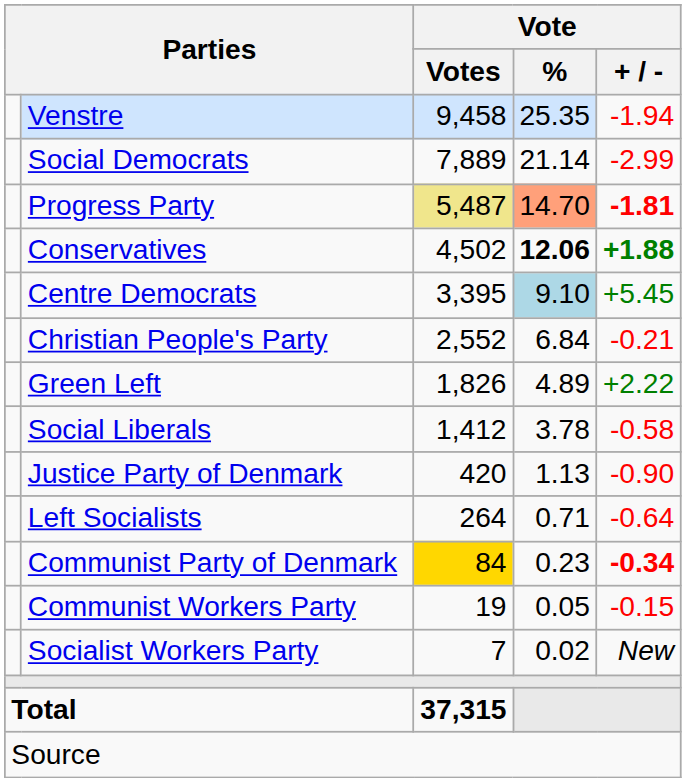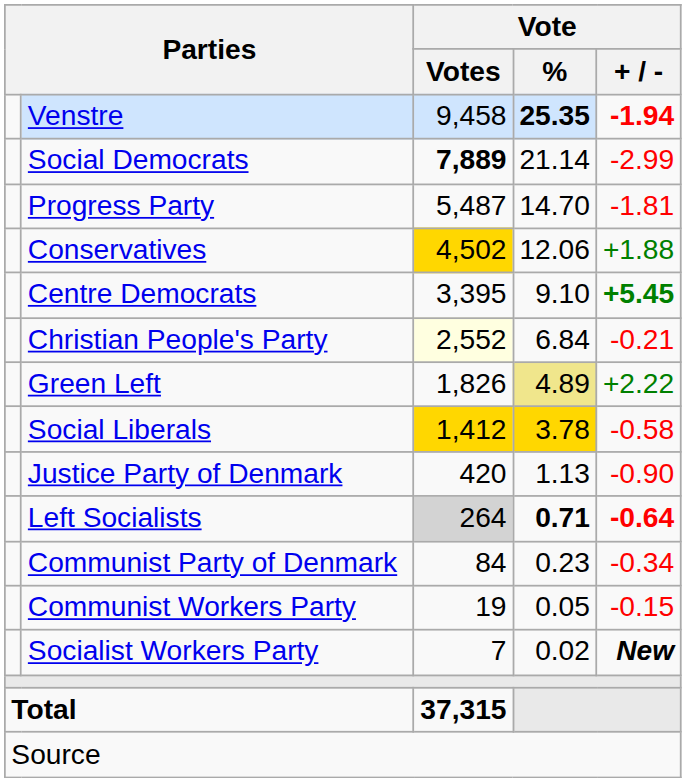 <table class="wikitable" style="text-align:right;">
 <tr>
 <th style="text-align:centre;" rowspan="2" colspan="2" width="225">Parties</th>
 <th colspan="3">Vote</th>
 </tr>
 <tr>
 <th width="15">Votes</th>
 <th width="15">%</th>
 <th width="15">+ / -</th>
 </tr>
 <tr>
 <td width="2" style="color:inherit;background:"></td>
 <td bgcolor=#cfe5fe  align="left"><a href='#'>Venstre</a></td>
 <td bgcolor=#cfe5fe>9,458</td>
-<td bgcolor=#cfe5fe>25.35</td>
-<td style=color:red;>-1.94</td>
+<td bgcolor=#cfe5fe><strong>25.35</strong></td>
+<td style=color:red;><strong>-1.94</strong></td>
 </tr>
 <tr>
 <td width="2" style="color:inherit;background:"></td>
 <td align="left"><a href='#'>Social Democrats</a></td>
-<td>7,889</td>
+<td><strong>7,889</strong></td>
 <td>21.14</td>
 <td style=color:red;>-2.99</td>
 </tr>
 <tr>
 <td width="2" style="color:inherit;background:"></td>
 <td align="left"><a href='#'>Progress Party</a></td>
-<td style="background: khaki;">5,487</td>
-<td style="background: lightsalmon;">14.70</td>
-<td style=color:red;><strong>-1.81</strong></td>
+<td>5,487</td>
+<td>14.70</td>
+<td style=color:red;>-1.81</td>
 </tr>
 <tr>
 <td width="2" style="color:inherit;background:"></td>
 <td align="left"><a href='#'>Conservatives</a></td>
-<td>4,502</td>
-<td><strong>12.06</strong></td>
-<td style=color:green;><strong>+1.88</strong></td>
+<td style="background: gold;">4,502</td>
+<td>12.06</td>
+<td style=color:green;>+1.88</td>
 </tr>
 <tr>
 <td width="2" style="color:inherit;background:"></td>
 <td align="left"><a href='#'>Centre Democrats</a></td>
 <td>3,395</td>
-<td style="background: lightblue;">9.10</td>
-<td style=color:green;>+5.45</td>
+<td>9.10</td>
+<td style=color:green;><strong>+5.45</strong></td>
 </tr>
 <tr>
 <td width="2" style="color:inherit;background:"></td>
 <td align="left"><a href='#'>Christian People's Party</a></td>
-<td>2,552</td>
+<td style="background: lightyellow;">2,552</td>
 <td>6.84</td>
 <td style=color:red;>-0.21</td>
 </tr>
 <tr>
 <td width="2" style="color:inherit;background:"></td>
 <td align="left"><a href='#'>Green Left</a></td>
 <td>1,826</td>
-<td>4.89</td>
+<td style="background: khaki;">4.89</td>
 <td style=color:green;>+2.22</td>
 </tr>
 <tr>
 <td width="2" style="color:inherit;background:"></td>
 <td align="left"><a href='#'>Social Liberals</a></td>
-<td>1,412</td>
-<td>3.78</td>
+<td style="background: gold;">1,412</td>
+<td style="background: gold;">3.78</td>
 <td style=color:red;>-0.58</td>
 </tr>
 <tr>
 <td width="2" style="color:inherit;background:"></td>
 <td align="left"><a href='#'>Justice Party of Denmark</a></td>
 <td>420</td>
 <td>1.13</td>
 <td style=color:red;>-0.90</td>
 </tr>
 <tr>
 <td width="2" style="color:inherit;background:"></td>
 <td align="left"><a href='#'>Left Socialists</a></td>
-<td>264</td>
-<td>0.71</td>
-<td style=color:red;>-0.64</td>
+<td style="background: lightgrey;">264</td>
+<td><strong>0.71</strong></td>
+<td style=color:red;><strong>-0.64</strong></td>
 </tr>
 <tr>
 <td width="2" style="color:inherit;background:"></td>
 <td align="left"><a href='#'>Communist Party of Denmark</a></td>
-<td style="background: gold;">84</td>
+<td>84</td>
 <td>0.23</td>
-<td style=color:red;><strong>-0.34</strong></td>
+<td style=color:red;>-0.34</td>
 </tr>
 <tr>
 <td width="2" style="color:inherit;background:"></td>
 <td align="left"><a href='#'>Communist Workers Party</a></td>
 <td>19</td>
 <td>0.05</td>
 <td style=color:red;>-0.15</td>
 </tr>
 <tr>
 <td width="2" style="color:inherit;background:"></td>
 <td align="left"><a href='#'>Socialist Workers Party</a></td>
 <td>7</td>
 <td>0.02</td>
-<td><em>New</em></td>
+<td><strong><em>New</em></strong></td>
 </tr>
 <tr>
 <td colspan="7" bgcolor="#E9E9E9"></td>
 </tr>
 <tr>
 <td align="left" colspan="2"><strong>Total</strong></td>
 <td><strong>37,315</strong></td>
 <td bgcolor="#E9E9E9" colspan="2"></td>
 </tr>
 <tr>
 <td align="left" colspan="6">Source</td>
 </tr>
 </table>
